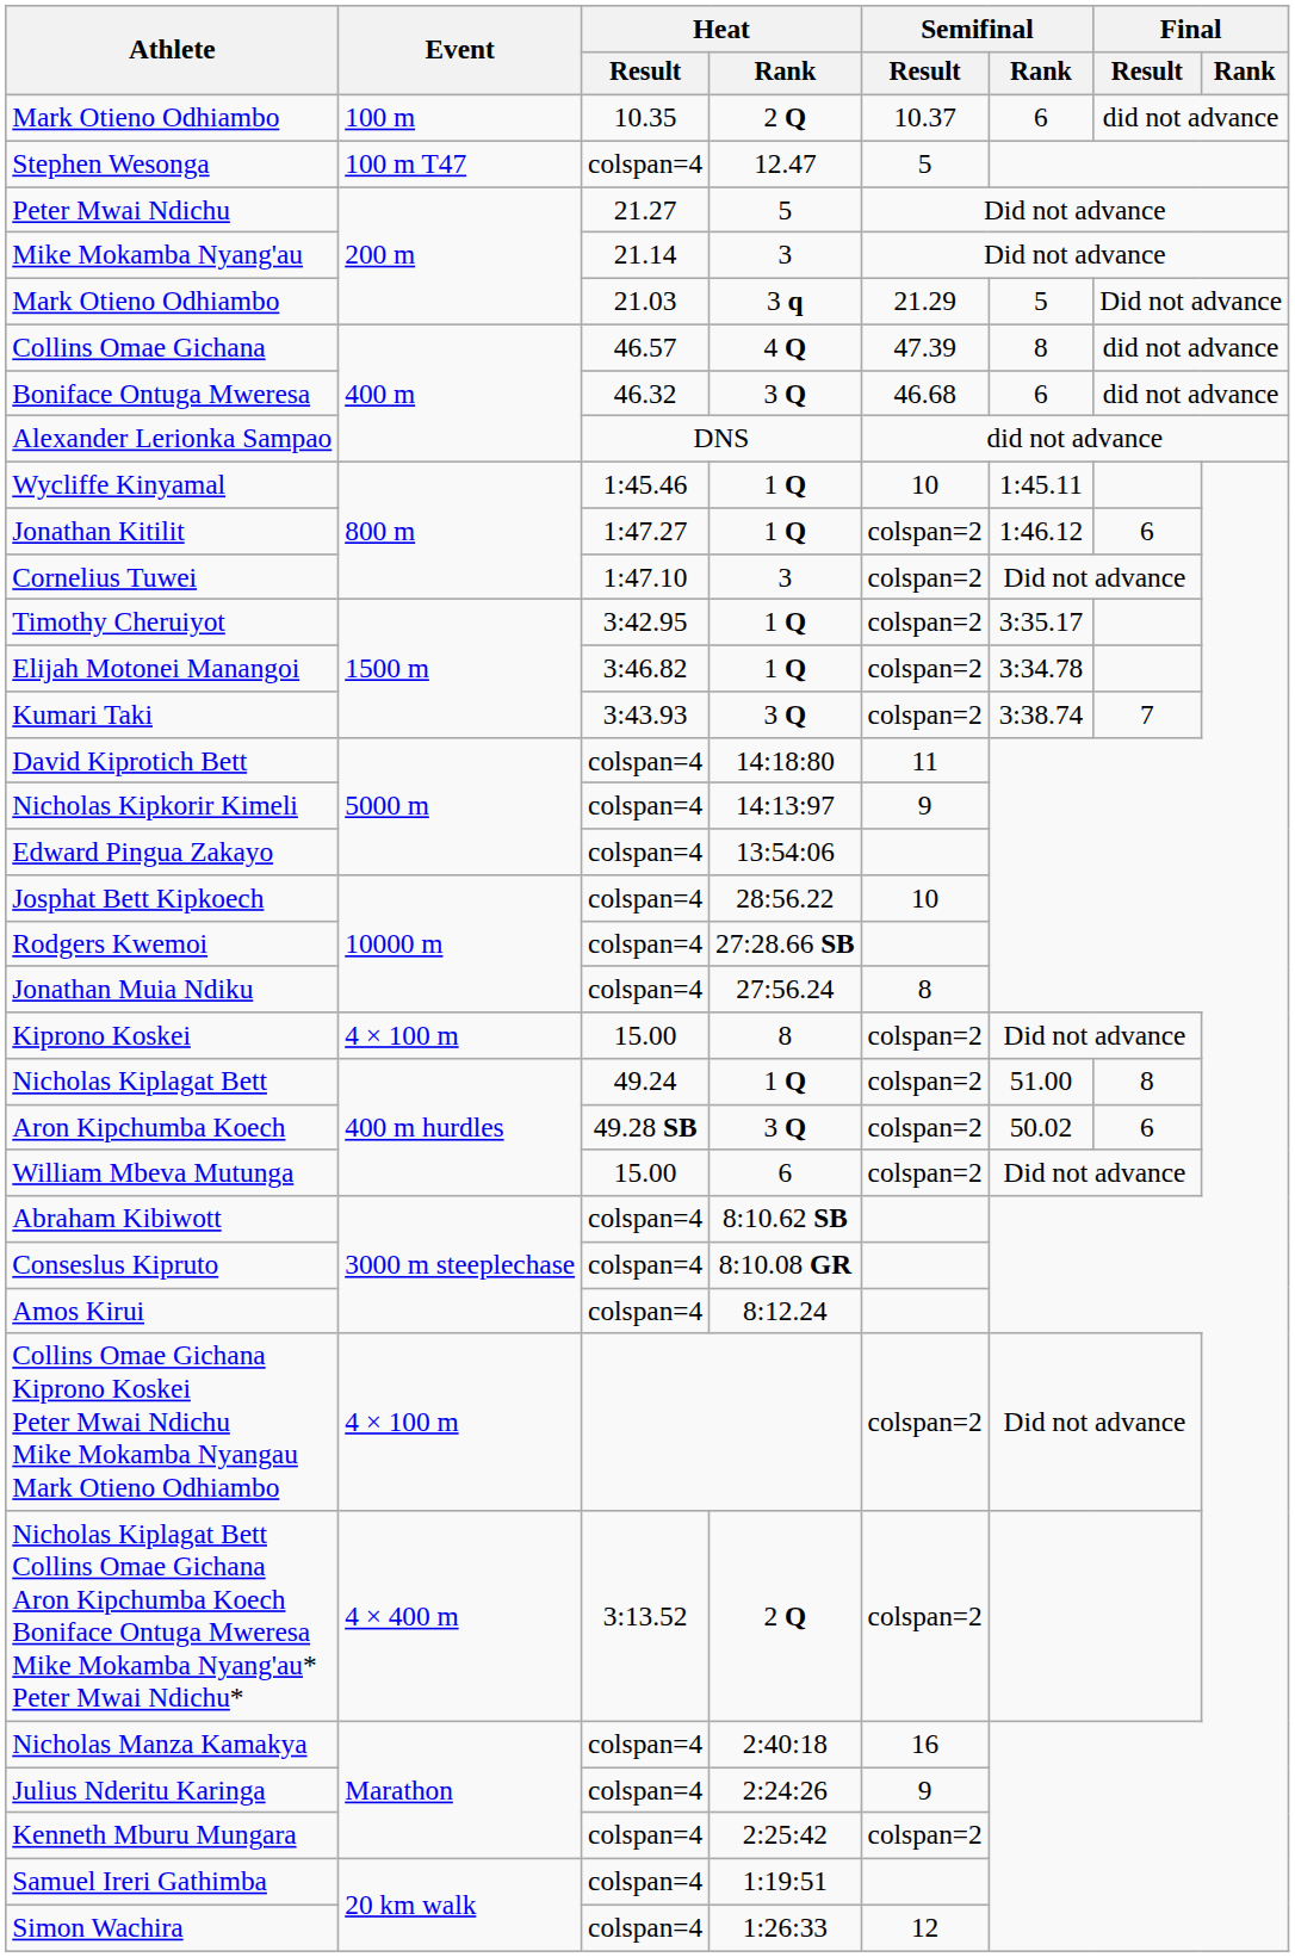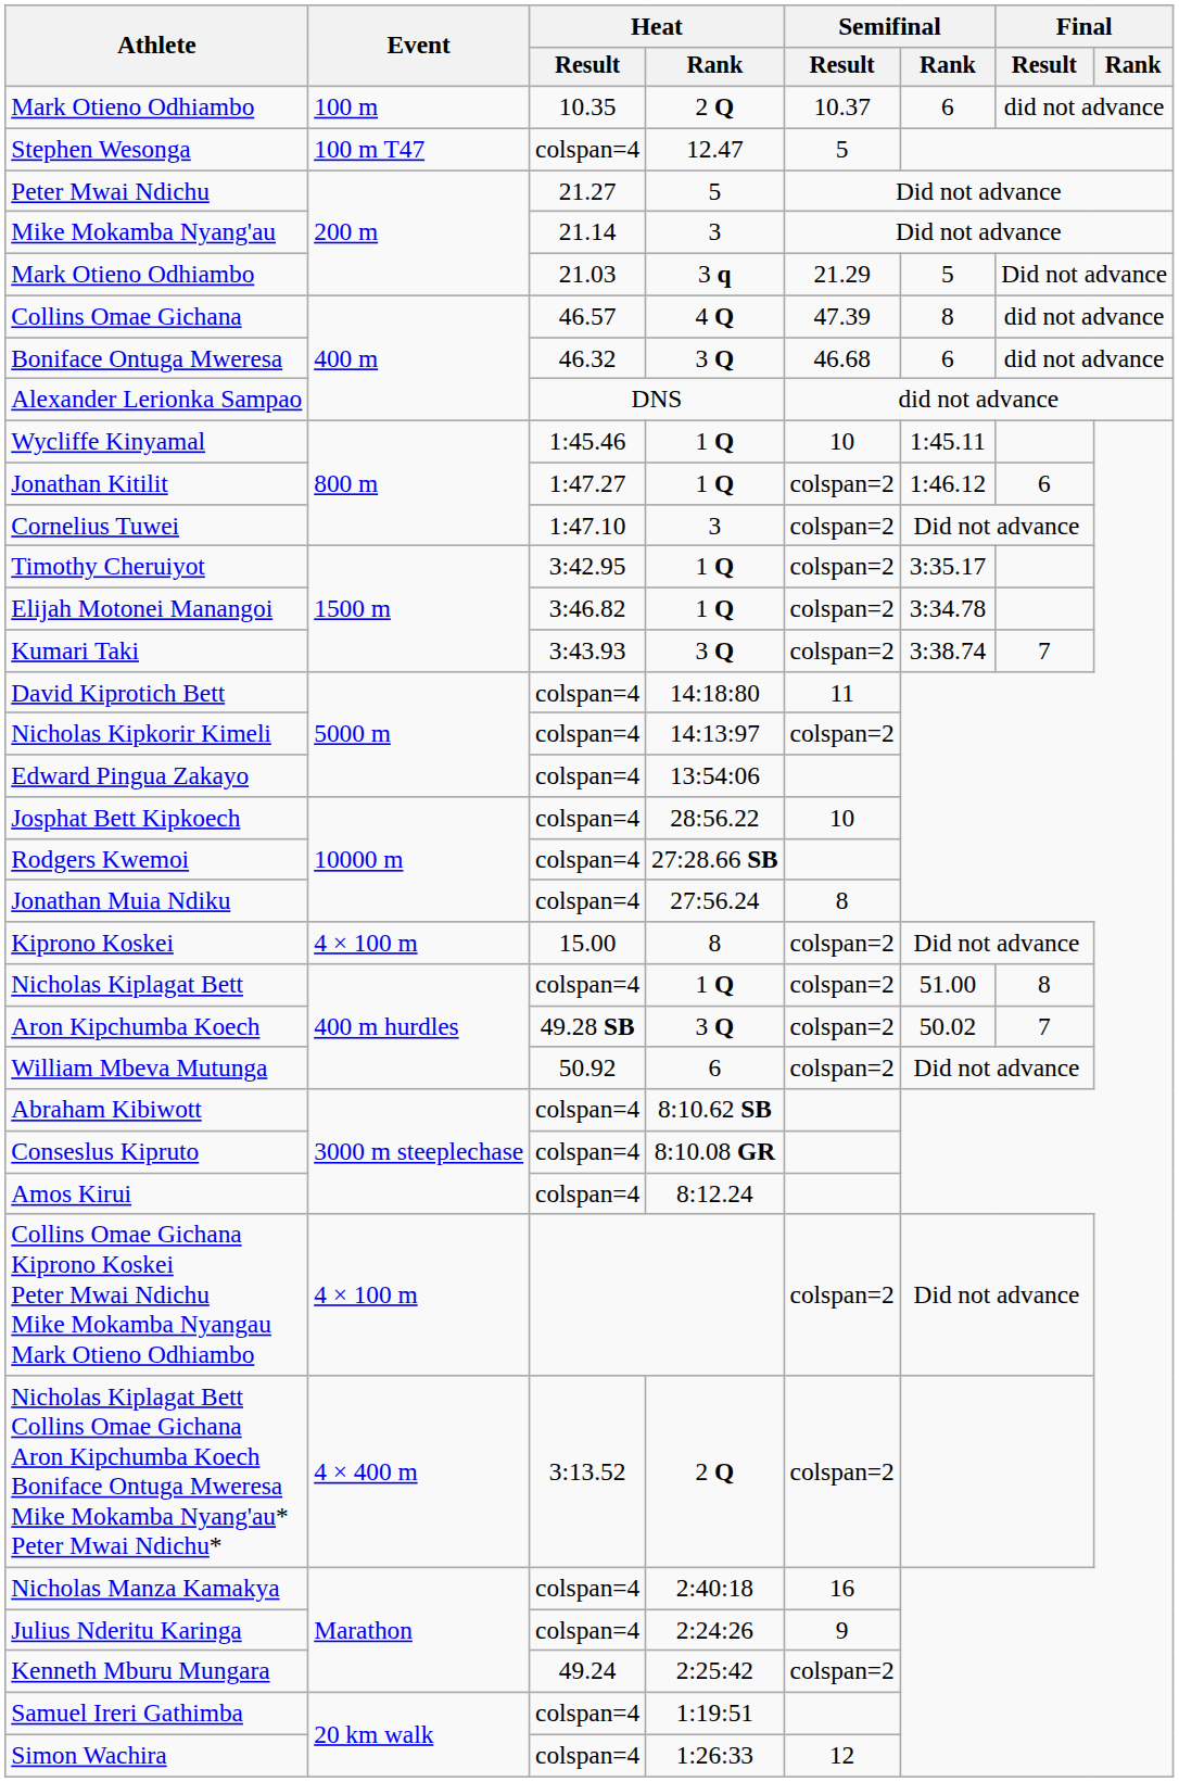 <table class="wikitable" style="font-size:90%">
 <tr>
 <th rowspan=2>Athlete</th>
 <th rowspan=2>Event</th>
 <th colspan=2>Heat</th>
 <th colspan=2>Semifinal</th>
 <th colspan=2>Final</th>
 </tr>
 <tr style="font-size:95%">
 <th>Result</th>
 <th>Rank</th>
 <th>Result</th>
 <th>Rank</th>
 <th>Result</th>
 <th>Rank</th>
 </tr>
 <tr align=center>
 <td align=left><a href='#'>Mark Otieno Odhiambo</a></td>
 <td align=left><a href='#'>100 m</a></td>
 <td>10.35</td>
 <td>2 <strong>Q</strong></td>
 <td>10.37</td>
 <td>6</td>
 <td Colspan=2>did not advance</td>
 </tr>
 <tr align=center>
 <td align=left><a href='#'>Stephen Wesonga</a></td>
 <td align=left><a href='#'>100 m T47</a></td>
 <td>colspan=4</td>
 <td>12.47</td>
 <td>5</td>
 </tr>
 <tr align=center>
 <td align=left><a href='#'>Peter Mwai Ndichu</a></td>
 <td align=left rowspan=3><a href='#'>200 m</a></td>
 <td>21.27</td>
 <td>5</td>
 <td colspan=4>Did not advance</td>
 </tr>
 <tr align=center>
 <td align=left><a href='#'>Mike Mokamba Nyang'au</a></td>
 <td>21.14</td>
 <td>3</td>
 <td colspan=4>Did not advance</td>
 </tr>
 <tr align=center>
 <td align=left><a href='#'>Mark Otieno Odhiambo</a></td>
 <td>21.03</td>
 <td>3 <strong>q</strong></td>
 <td>21.29</td>
 <td>5</td>
 <td colspan=2>Did not advance</td>
 </tr>
 <tr align=center>
 <td align=left><a href='#'>Collins Omae Gichana</a></td>
 <td align=left rowspan=3><a href='#'>400 m</a></td>
 <td>46.57</td>
 <td>4 <strong>Q</strong></td>
 <td>47.39</td>
 <td>8</td>
 <td Colspan=2>did not advance</td>
 </tr>
 <tr align=center>
 <td align=left><a href='#'>Boniface Ontuga Mweresa</a></td>
 <td>46.32</td>
 <td>3 <strong>Q</strong></td>
 <td>46.68</td>
 <td>6</td>
 <td Colspan=2>did not advance</td>
 </tr>
 <tr align=center>
 <td align=left><a href='#'>Alexander Lerionka Sampao</a></td>
 <td Colspan=2>DNS</td>
 <td Colspan=4>did not advance</td>
 </tr>
 <tr align=center>
 <td align=left><a href='#'>Wycliffe Kinyamal</a></td>
 <td align=left rowspan=3><a href='#'>800 m</a></td>
 <td>1:45.46</td>
 <td>1 <strong>Q</strong></td>
 <td>10</td>
 <td>1:45.11</td>
 <td></td>
 </tr>
 <tr align=center>
 <td align=left><a href='#'>Jonathan Kitilit</a></td>
 <td>1:47.27</td>
 <td>1 <strong>Q</strong></td>
 <td>colspan=2</td>
 <td>1:46.12</td>
 <td>6</td>
 </tr>
 <tr align=center>
 <td align=left><a href='#'>Cornelius Tuwei</a></td>
 <td>1:47.10</td>
 <td>3</td>
 <td>colspan=2</td>
 <td colspan=2>Did not advance</td>
 </tr>
 <tr align=center>
 <td align=left><a href='#'>Timothy Cheruiyot</a></td>
 <td align=left rowspan=3><a href='#'>1500 m</a></td>
 <td>3:42.95</td>
 <td>1 <strong>Q</strong></td>
 <td>colspan=2</td>
 <td>3:35.17</td>
 <td></td>
 </tr>
 <tr align=center>
 <td align=left><a href='#'>Elijah Motonei Manangoi</a></td>
 <td>3:46.82</td>
 <td>1 <strong>Q</strong></td>
 <td>colspan=2</td>
 <td>3:34.78</td>
 <td></td>
 </tr>
 <tr align=center>
 <td align=left><a href='#'>Kumari Taki</a></td>
 <td>3:43.93</td>
 <td>3 <strong>Q</strong></td>
 <td>colspan=2</td>
 <td>3:38.74</td>
 <td>7</td>
 </tr>
 <tr align=center>
 <td align=left><a href='#'>David Kiprotich Bett</a></td>
 <td align=left rowspan=3><a href='#'>5000 m</a></td>
 <td>colspan=4</td>
 <td>14:18:80</td>
 <td>11</td>
 </tr>
 <tr align=center>
 <td align=left><a href='#'>Nicholas Kipkorir Kimeli</a></td>
 <td>colspan=4</td>
 <td>14:13:97</td>
-<td>9</td>
+<td>colspan=2</td>
 </tr>
 <tr align=center>
 <td align=left><a href='#'>Edward Pingua Zakayo</a></td>
 <td>colspan=4</td>
 <td>13:54:06</td>
 <td></td>
 </tr>
 <tr align=center>
 <td align=left><a href='#'>Josphat Bett Kipkoech</a></td>
 <td align=left rowspan=3><a href='#'>10000 m</a></td>
 <td>colspan=4</td>
 <td>28:56.22</td>
 <td>10</td>
 </tr>
 <tr align=center>
 <td align=left><a href='#'>Rodgers Kwemoi</a></td>
 <td>colspan=4</td>
 <td>27:28.66 <strong>SB</strong></td>
 <td></td>
 </tr>
 <tr align=center>
 <td align=left><a href='#'>Jonathan Muia Ndiku</a></td>
 <td>colspan=4</td>
 <td>27:56.24</td>
 <td>8</td>
 </tr>
 <tr align=center>
 <td align=left><a href='#'>Kiprono Koskei</a></td>
 <td align=left><a href='#'>4 × 100 m</a></td>
 <td>15.00</td>
 <td>8</td>
 <td>colspan=2</td>
 <td colspan=2>Did not advance</td>
 </tr>
 <tr align=center>
 <td align=left><a href='#'>Nicholas Kiplagat Bett</a></td>
 <td align=left rowspan=3><a href='#'>400 m hurdles</a></td>
-<td>49.24</td>
+<td>colspan=4</td>
 <td>1 <strong>Q</strong></td>
 <td>colspan=2</td>
 <td>51.00</td>
 <td>8</td>
 </tr>
 <tr align=center>
 <td align=left><a href='#'>Aron Kipchumba Koech</a></td>
 <td>49.28 <strong>SB</strong></td>
 <td>3 <strong>Q</strong></td>
 <td>colspan=2</td>
 <td>50.02</td>
-<td>6</td>
+<td>7</td>
 </tr>
 <tr align=center>
 <td align=left><a href='#'>William Mbeva Mutunga</a></td>
-<td>15.00</td>
+<td>50.92</td>
 <td>6</td>
 <td>colspan=2</td>
 <td colspan=2>Did not advance</td>
 </tr>
 <tr align=center>
 <td align=left><a href='#'>Abraham Kibiwott</a></td>
 <td align=left rowspan=3><a href='#'>3000 m steeplechase</a></td>
 <td>colspan=4</td>
 <td>8:10.62 <strong>SB</strong></td>
 <td></td>
 </tr>
 <tr align=center>
 <td align=left><a href='#'>Conseslus Kipruto</a></td>
 <td>colspan=4</td>
 <td>8:10.08 <strong>GR</strong></td>
 <td></td>
 </tr>
 <tr align=center>
 <td align=left><a href='#'>Amos Kirui</a></td>
 <td>colspan=4</td>
 <td>8:12.24</td>
 <td></td>
 </tr>
 <tr align=center>
 <td align=left><a href='#'>Collins Omae Gichana</a><br><a href='#'>Kiprono Koskei</a><br><a href='#'>Peter Mwai Ndichu</a><br><a href='#'>Mike Mokamba Nyangau</a><br><a href='#'>Mark Otieno Odhiambo</a></td>
 <td align=left><a href='#'>4 × 100 m</a></td>
 <td colspan=2></td>
 <td>colspan=2</td>
 <td colspan=2>Did not advance</td>
 </tr>
 <tr align=center>
 <td align=left><a href='#'>Nicholas Kiplagat Bett</a><br><a href='#'>Collins Omae Gichana</a><br><a href='#'>Aron Kipchumba Koech</a><br><a href='#'>Boniface Ontuga Mweresa</a><br><a href='#'>Mike Mokamba Nyang'au</a>*<br><a href='#'>Peter Mwai Ndichu</a>*</td>
 <td align=left><a href='#'>4 × 400 m</a></td>
 <td>3:13.52</td>
 <td>2 <strong>Q</strong></td>
 <td>colspan=2</td>
 <td colspan=2></td>
 </tr>
 <tr align=center>
 <td align=left><a href='#'>Nicholas Manza Kamakya</a></td>
 <td align=left rowspan=3><a href='#'>Marathon</a></td>
 <td>colspan=4</td>
 <td>2:40:18</td>
 <td>16</td>
 </tr>
 <tr align=center>
 <td align=left><a href='#'>Julius Nderitu Karinga</a></td>
 <td>colspan=4</td>
 <td>2:24:26</td>
 <td>9</td>
 </tr>
 <tr align=center>
 <td align=left><a href='#'>Kenneth Mburu Mungara</a></td>
-<td>colspan=4</td>
+<td>49.24</td>
 <td>2:25:42</td>
 <td>colspan=2</td>
 </tr>
 <tr align=center>
 <td align=left><a href='#'>Samuel Ireri Gathimba</a></td>
 <td align=left rowspan=2><a href='#'>20 km walk</a></td>
 <td>colspan=4</td>
 <td>1:19:51</td>
 <td></td>
 </tr>
 <tr align=center>
 <td align=left><a href='#'>Simon Wachira</a></td>
 <td>colspan=4</td>
 <td>1:26:33</td>
 <td>12</td>
 </tr>
 </table>
